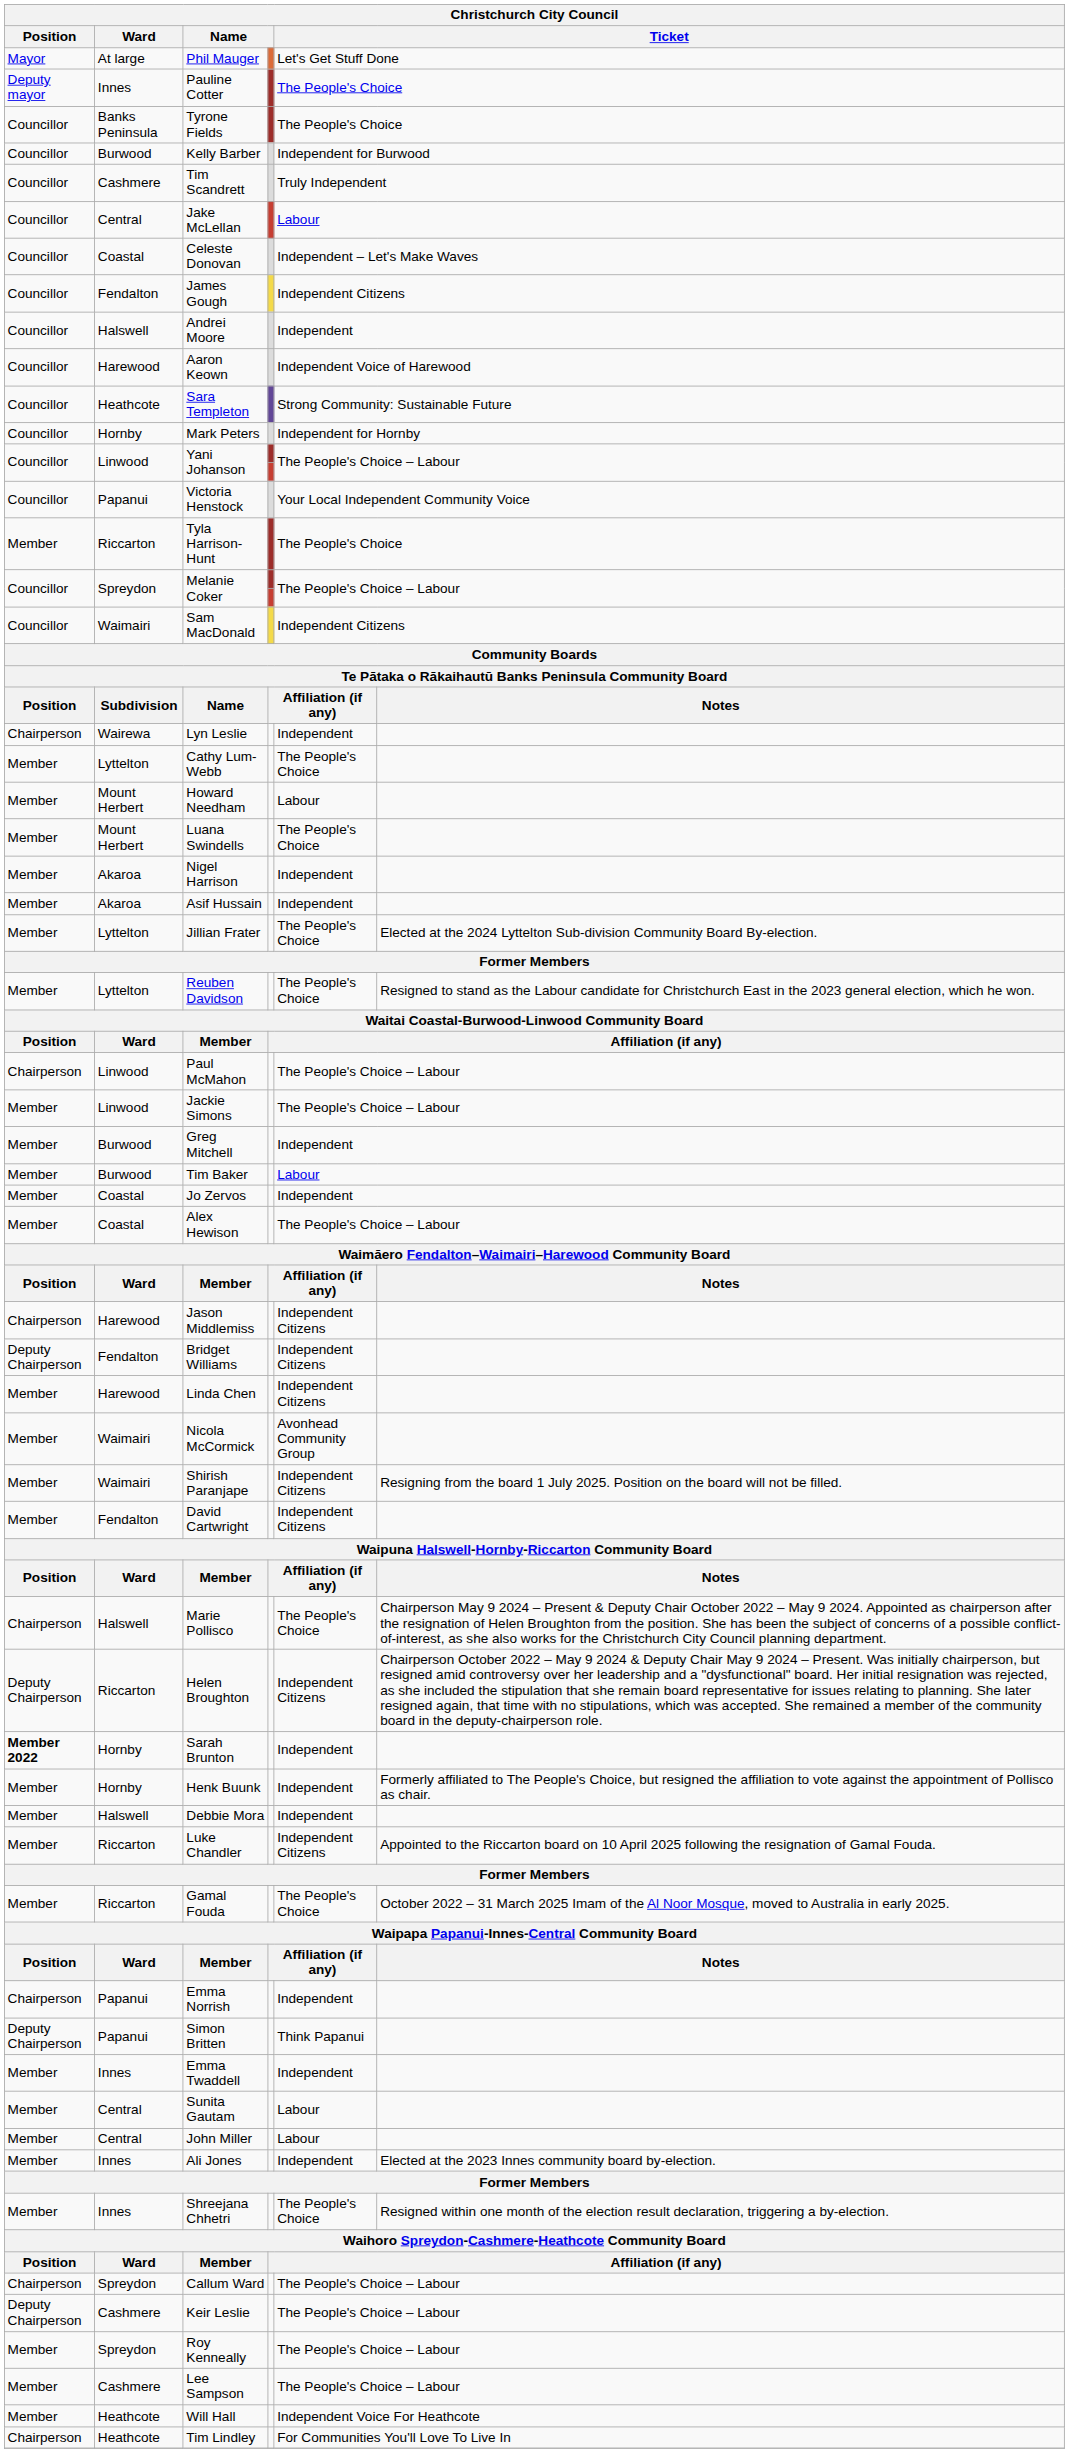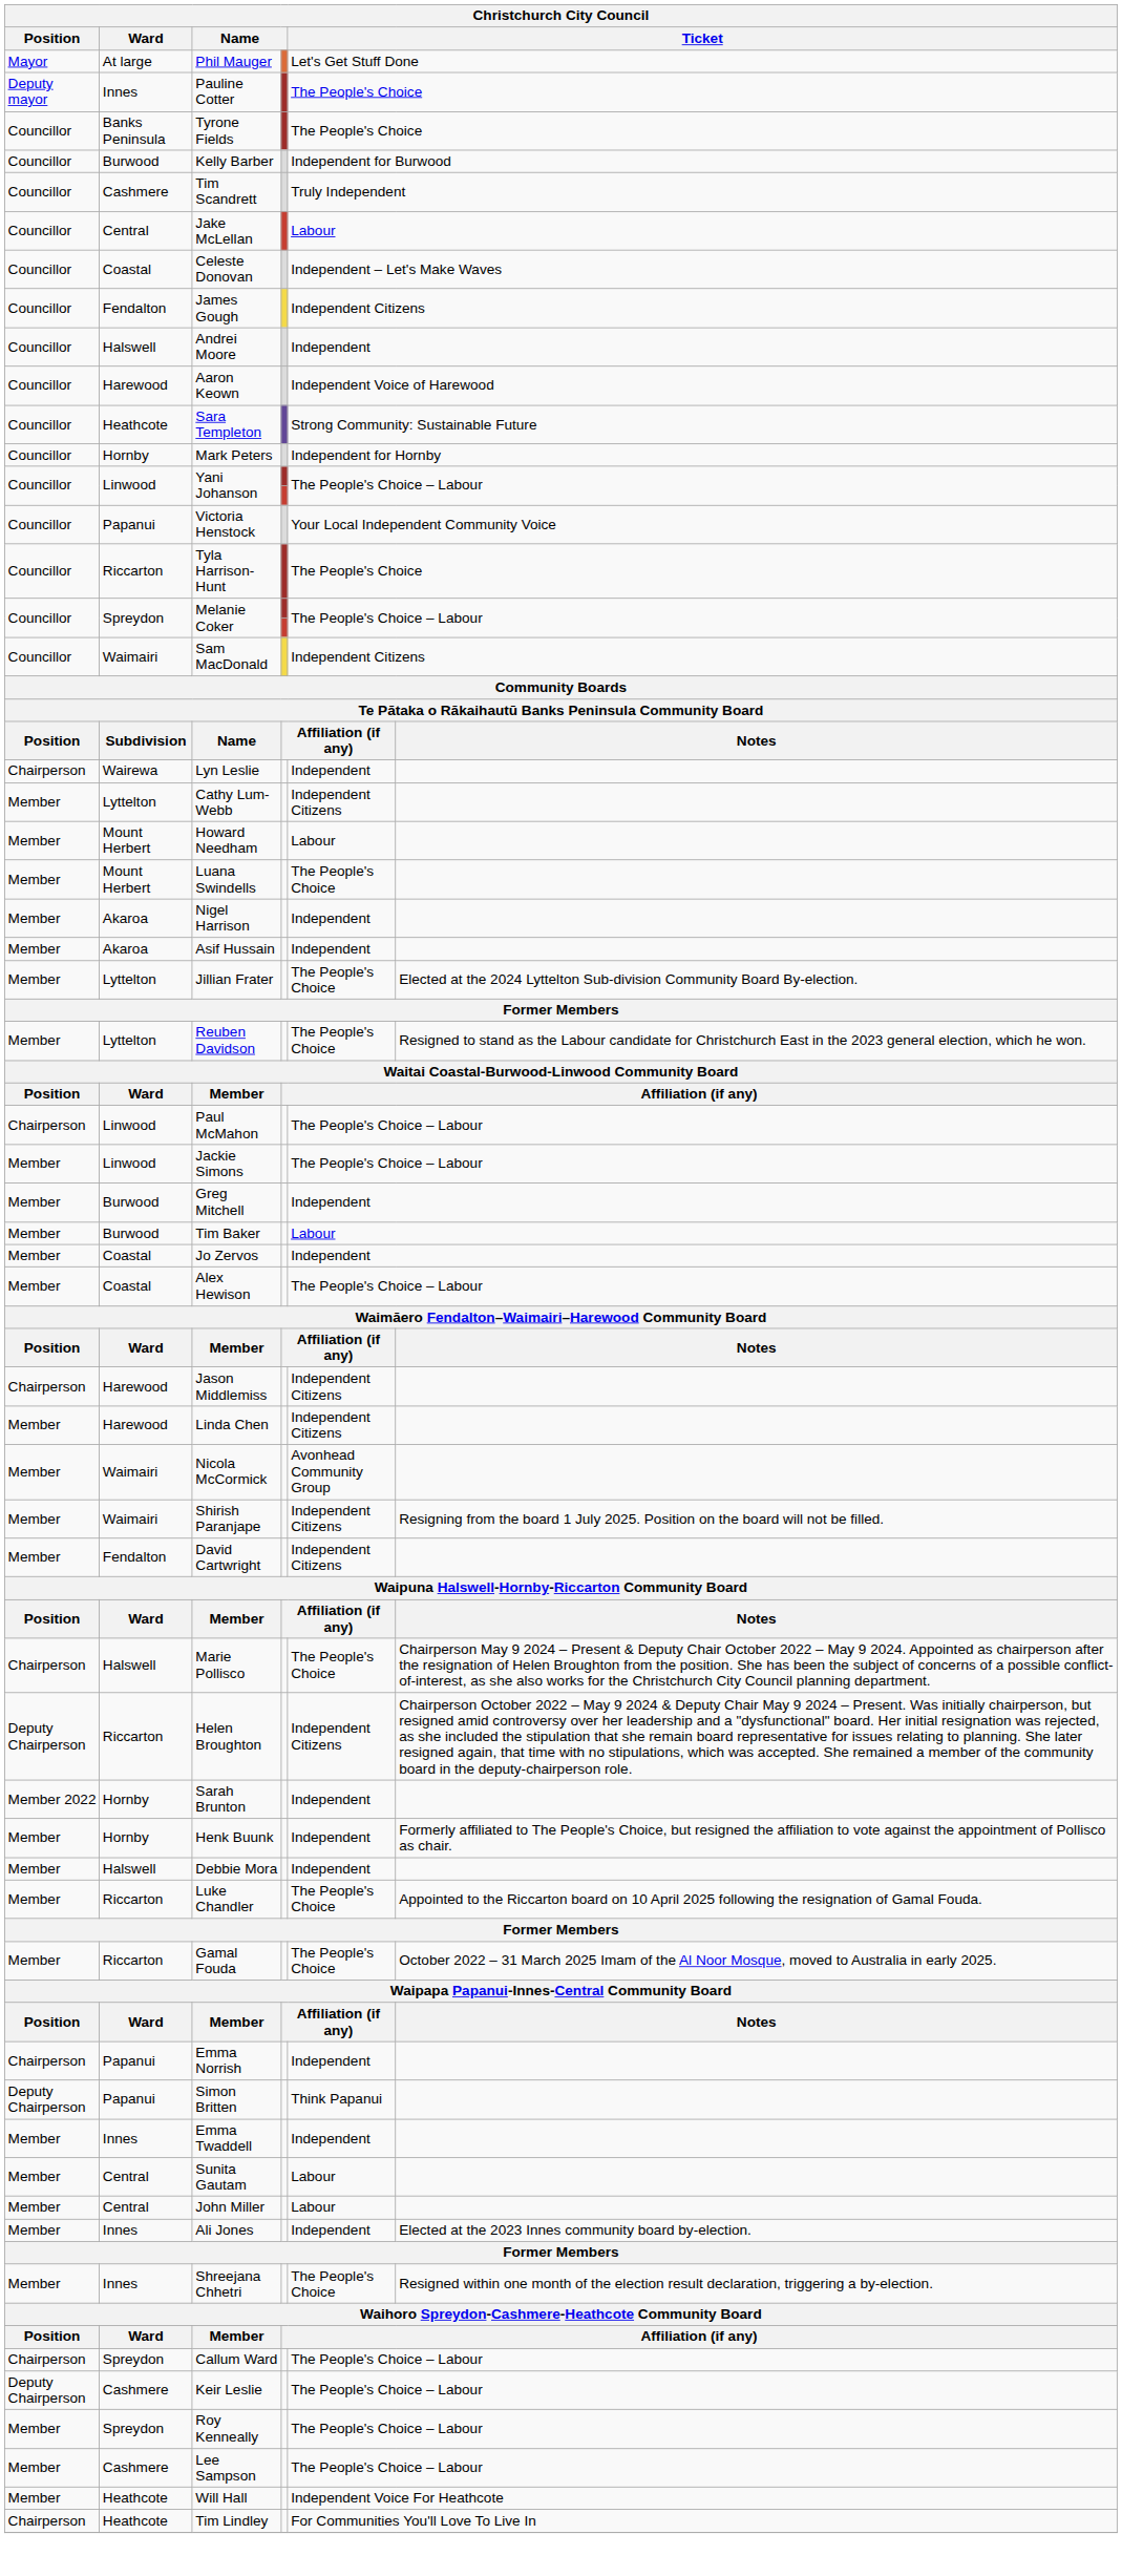 <table class="wikitable" border="1">
 <tr>
 <th colspan=6>Christchurch City Council</th>
 </tr>
 <tr>
 <th>Position</th>
 <th>Ward</th>
 <th colspan="2">Name</th>
 <th colspan=2><a href='#'>Ticket</a></th>
 </tr>
 <tr>
 <td><a href='#'>Mayor</a></td>
 <td>At large</td>
 <td class="nowrap"><a href='#'>Phil Mauger</a></td>
 <td bgcolor="#db6b39"></td>
 <td colspan="2">Let's Get Stuff Done</td>
 </tr>
 <tr>
 <td><a href='#'>Deputy mayor</a></td>
 <td>Innes</td>
 <td class="nowrap">Pauline Cotter</td>
 <td bgcolor="#9d2d2a"></td>
 <td colspan="2"><a href='#'>The People's Choice</a></td>
 </tr>
 <tr>
 <td>Councillor</td>
 <td>Banks Peninsula</td>
 <td class="nowrap">Tyrone Fields</td>
 <td bgcolor="#9d2d2a"></td>
 <td colspan="2">The People's Choice</td>
 </tr>
 <tr>
 <td>Councillor</td>
 <td>Burwood</td>
 <td class="nowrap">Kelly Barber</td>
 <td bgcolor="#dcdcdc"></td>
 <td colspan="2">Independent for Burwood</td>
 </tr>
 <tr>
 <td>Councillor</td>
 <td>Cashmere</td>
 <td class="nowrap">Tim Scandrett</td>
 <td bgcolor="#dcdcdc"></td>
 <td colspan="2">Truly Independent</td>
 </tr>
 <tr>
 <td>Councillor</td>
 <td>Central</td>
 <td class="nowrap">Jake McLellan</td>
 <td bgcolor="#c63e32"></td>
 <td colspan="2"><a href='#'>Labour</a></td>
 </tr>
 <tr>
 <td>Councillor</td>
 <td>Coastal</td>
 <td class="nowrap">Celeste Donovan</td>
 <td bgcolor="#dcdcdc"></td>
 <td colspan="2">Independent – Let's Make Waves</td>
 </tr>
 <tr>
 <td>Councillor</td>
 <td>Fendalton</td>
 <td class="nowrap">James Gough</td>
 <td bgcolor="#f4da49"></td>
 <td colspan="2">Independent Citizens</td>
 </tr>
 <tr>
 <td>Councillor</td>
 <td>Halswell</td>
 <td class="nowrap">Andrei Moore</td>
 <td bgcolor="#dcdcdc"></td>
 <td colspan="2">Independent</td>
 </tr>
 <tr>
 <td>Councillor</td>
 <td>Harewood</td>
 <td class="nowrap">Aaron Keown</td>
 <td bgcolor="#dcdcdc"></td>
 <td colspan="2">Independent Voice of Harewood</td>
 </tr>
 <tr>
 <td>Councillor</td>
 <td>Heathcote</td>
 <td class="nowrap"><a href='#'>Sara Templeton</a></td>
 <td bgcolor="#624797"></td>
 <td colspan="2">Strong Community: Sustainable Future</td>
 </tr>
 <tr>
 <td>Councillor</td>
 <td>Hornby</td>
 <td class="nowrap">Mark Peters</td>
 <td bgcolor="#dcdcdc"></td>
 <td colspan="2">Independent for Hornby</td>
 </tr>
 <tr>
 <td rowspan="2">Councillor</td>
 <td rowspan="2">Linwood</td>
 <td class="nowrap" rowspan="2">Yani Johanson</td>
 <td bgcolor="#9d2d2a"></td>
 <td colspan="2" rowspan="2">The People's Choice – Labour</td>
 </tr>
 <tr>
 <td bgcolor="#c63e32"></td>
 </tr>
 <tr>
 <td>Councillor</td>
 <td>Papanui</td>
 <td class="nowrap">Victoria Henstock</td>
 <td bgcolor="#dcdcdc"></td>
 <td colspan="2">Your Local Independent Community Voice</td>
 </tr>
 <tr>
-<td>Member</td>
+<td>Councillor</td>
 <td>Riccarton</td>
 <td class="nowrap">Tyla Harrison-Hunt</td>
 <td bgcolor="#9d2d2a"></td>
 <td colspan="2">The People's Choice</td>
 </tr>
 <tr>
 <td rowspan="2">Councillor</td>
 <td rowspan="2">Spreydon</td>
 <td class="nowrap" rowspan="2">Melanie Coker</td>
 <td bgcolor="#9d2d2a"></td>
 <td colspan="2" rowspan="2">The People's Choice – Labour</td>
 </tr>
 <tr>
 <td bgcolor="#c63e32"></td>
 </tr>
 <tr>
 <td>Councillor</td>
 <td>Waimairi</td>
 <td class="nowrap">Sam MacDonald</td>
 <td bgcolor="#f4da49"></td>
 <td colspan="2">Independent Citizens</td>
 </tr>
 <tr>
 <th colspan=6>Community Boards</th>
 </tr>
 <tr>
 <th colspan=6>Te Pātaka o Rākaihautū Banks Peninsula Community Board</th>
 </tr>
 <tr>
 <th>Position</th>
 <th>Subdivision</th>
 <th>Name</th>
 <th colspan="2">Affiliation (if any)</th>
 <th>Notes</th>
 </tr>
 <tr>
 <td>Chairperson</td>
 <td>Wairewa</td>
 <td class="nowrap">Lyn Leslie</td>
 <td></td>
 <td>Independent</td>
 <td></td>
 </tr>
 <tr>
 <td>Member</td>
 <td>Lyttelton</td>
 <td class="nowrap">Cathy Lum-Webb</td>
 <td></td>
-<td>The People's Choice</td>
+<td>Independent Citizens</td>
 <td></td>
 </tr>
 <tr>
 <td>Member</td>
 <td>Mount Herbert</td>
 <td class="nowrap">Howard Needham</td>
 <td></td>
 <td>Labour</td>
 <td></td>
 </tr>
 <tr>
 <td>Member</td>
 <td>Mount Herbert</td>
 <td class="nowrap">Luana Swindells</td>
 <td></td>
 <td>The People's Choice</td>
 <td></td>
 </tr>
 <tr>
 <td>Member</td>
 <td>Akaroa</td>
 <td class="nowrap">Nigel Harrison</td>
 <td></td>
 <td>Independent</td>
 <td></td>
 </tr>
 <tr>
 <td>Member</td>
 <td>Akaroa</td>
 <td class="nowrap">Asif Hussain</td>
 <td></td>
 <td>Independent</td>
 <td></td>
 </tr>
 <tr>
 <td>Member</td>
 <td>Lyttelton</td>
 <td class="nowrap">Jillian Frater</td>
 <td></td>
 <td>The People's Choice</td>
 <td>Elected at the 2024 Lyttelton Sub-division Community Board By-election.</td>
 </tr>
 <tr>
 <th colspan=6>Former Members</th>
 </tr>
 <tr>
 <td>Member</td>
 <td>Lyttelton</td>
 <td class="nowrap"><a href='#'>Reuben Davidson</a></td>
 <td></td>
 <td>The People's Choice</td>
 <td>Resigned to stand as the Labour candidate for Christchurch East in the 2023 general election, which he won.</td>
 </tr>
 <tr>
 <th colspan=6>Waitai Coastal-Burwood-Linwood Community Board</th>
 </tr>
 <tr>
 <th>Position</th>
 <th>Ward</th>
 <th>Member</th>
 <th colspan="3">Affiliation (if any)</th>
 </tr>
 <tr>
 <td>Chairperson</td>
 <td>Linwood</td>
 <td class="nowrap">Paul McMahon</td>
 <td></td>
 <td colspan="2">The People's Choice – Labour</td>
 </tr>
 <tr>
 <td>Member</td>
 <td>Linwood</td>
 <td class="nowrap">Jackie Simons</td>
 <td></td>
 <td colspan="2">The People's Choice – Labour</td>
 </tr>
 <tr>
 <td>Member</td>
 <td>Burwood</td>
 <td class="nowrap">Greg Mitchell</td>
 <td></td>
 <td colspan="2">Independent</td>
 </tr>
 <tr>
 <td>Member</td>
 <td>Burwood</td>
 <td class="nowrap">Tim Baker</td>
 <td></td>
 <td colspan="2"><a href='#'>Labour</a></td>
 </tr>
 <tr>
 <td>Member</td>
 <td>Coastal</td>
 <td class="nowrap">Jo Zervos</td>
 <td></td>
 <td colspan="2">Independent</td>
 </tr>
 <tr>
 <td>Member</td>
 <td>Coastal</td>
 <td class="nowrap">Alex Hewison</td>
 <td></td>
 <td colspan="2">The People's Choice – Labour</td>
 </tr>
 <tr>
 <th colspan=6>Waimāero <a href='#'>Fendalton</a>–<a href='#'>Waimairi</a>–<a href='#'>Harewood</a> Community Board</th>
 </tr>
 <tr>
 <th>Position</th>
 <th>Ward</th>
 <th>Member</th>
 <th colspan="2">Affiliation (if any)</th>
 <th>Notes</th>
 </tr>
 <tr>
 <td>Chairperson</td>
 <td>Harewood</td>
 <td class="nowrap">Jason Middlemiss</td>
 <td></td>
 <td>Independent Citizens</td>
 <td></td>
 </tr>
 <tr>
-<td>Deputy Chairperson</td>
-<td>Fendalton</td>
-<td class="nowrap">Bridget Williams</td>
-<td></td>
-<td>Independent Citizens</td>
-<td></td>
-</tr>
-<tr>
 <td>Member</td>
 <td>Harewood</td>
 <td class="nowrap">Linda Chen</td>
 <td></td>
 <td>Independent Citizens</td>
 <td></td>
 </tr>
 <tr>
 <td>Member</td>
 <td>Waimairi</td>
 <td class="nowrap">Nicola McCormick</td>
 <td></td>
 <td>Avonhead Community Group</td>
 <td></td>
 </tr>
 <tr>
 <td>Member</td>
 <td>Waimairi</td>
 <td class="nowrap">Shirish Paranjape</td>
 <td></td>
 <td>Independent Citizens</td>
 <td>Resigning from the board 1 July 2025. Position on the board will not be filled.</td>
 </tr>
 <tr>
 <td>Member</td>
 <td>Fendalton</td>
 <td class="nowrap">David Cartwright</td>
 <td></td>
 <td>Independent Citizens</td>
 </tr>
 <tr>
 <th colspan=6>Waipuna <a href='#'>Halswell</a>-<a href='#'>Hornby</a>-<a href='#'>Riccarton</a> Community Board</th>
 </tr>
 <tr>
 <th>Position</th>
 <th>Ward</th>
 <th>Member</th>
 <th colspan="2">Affiliation (if any)</th>
 <th>Notes</th>
 </tr>
 <tr>
 <td>Chairperson</td>
 <td>Halswell</td>
 <td class="nowrap">Marie Pollisco</td>
 <td></td>
 <td>The People's Choice</td>
 <td>Chairperson May 9 2024 – Present & Deputy Chair October 2022 – May 9 2024. Appointed as chairperson after the resignation of Helen Broughton from the position. She has been the subject of concerns of a possible conflict-of-interest, as she also works for the Christchurch City Council planning department.</td>
 </tr>
 <tr>
 <td>Deputy Chairperson</td>
 <td>Riccarton</td>
 <td class="nowrap">Helen Broughton</td>
 <td></td>
 <td>Independent Citizens</td>
 <td>Chairperson October 2022 – May 9 2024 & Deputy Chair May 9 2024 – Present. Was initially chairperson, but resigned amid controversy over her leadership and a "dysfunctional" board. Her initial resignation was rejected, as she included the stipulation that she remain board representative for issues relating to planning. She later resigned again, that time with no stipulations, which was accepted. She remained a member of the community board in the deputy-chairperson role.</td>
 </tr>
 <tr>
-<td><strong>Member 2022</strong></td>
+<td>Member 2022</td>
 <td>Hornby</td>
 <td class="nowrap">Sarah Brunton</td>
 <td></td>
 <td>Independent</td>
 <td></td>
 </tr>
 <tr>
 <td>Member</td>
 <td>Hornby</td>
 <td class="nowrap">Henk Buunk</td>
 <td></td>
 <td>Independent</td>
 <td>Formerly affiliated to The People's Choice, but resigned the affiliation to vote against the appointment of Pollisco as chair.</td>
 </tr>
 <tr>
 <td>Member</td>
 <td>Halswell</td>
 <td class="nowrap">Debbie Mora</td>
 <td></td>
 <td>Independent</td>
 <td></td>
 </tr>
 <tr>
 <td>Member</td>
 <td>Riccarton</td>
 <td class="nowrap">Luke Chandler</td>
 <td></td>
-<td>Independent Citizens</td>
+<td>The People's Choice</td>
 <td>Appointed to the Riccarton board on 10 April 2025 following the resignation of Gamal Fouda.</td>
 </tr>
 <tr>
 <th colspan=6>Former Members</th>
 </tr>
 <tr>
 <td>Member</td>
 <td>Riccarton</td>
 <td class="nowrap">Gamal Fouda</td>
 <td></td>
 <td>The People's Choice</td>
 <td>October 2022 – 31 March 2025 Imam of the <a href='#'>Al Noor Mosque</a>, moved to Australia in early 2025.</td>
 </tr>
 <tr>
 <th colspan=6>Waipapa <a href='#'>Papanui</a>-Innes-<a href='#'>Central</a> Community Board</th>
 </tr>
 <tr>
 <th>Position</th>
 <th>Ward</th>
 <th>Member</th>
 <th colspan="2">Affiliation (if any)</th>
 <th>Notes</th>
 </tr>
 <tr>
 <td>Chairperson</td>
 <td>Papanui</td>
 <td class="nowrap">Emma Norrish</td>
 <td></td>
 <td>Independent</td>
 <td></td>
 </tr>
 <tr>
 <td>Deputy Chairperson</td>
 <td>Papanui</td>
 <td class="nowrap">Simon Britten</td>
 <td></td>
 <td>Think Papanui</td>
 <td></td>
 </tr>
 <tr>
 <td>Member</td>
 <td>Innes</td>
 <td class="nowrap">Emma Twaddell</td>
 <td></td>
 <td>Independent</td>
 <td></td>
 </tr>
 <tr>
 <td>Member</td>
 <td>Central</td>
 <td class="nowrap">Sunita Gautam</td>
 <td></td>
 <td>Labour</td>
 <td></td>
 </tr>
 <tr>
 <td>Member</td>
 <td>Central</td>
 <td class="nowrap">John Miller</td>
 <td></td>
 <td>Labour</td>
 <td></td>
 </tr>
 <tr>
 <td>Member</td>
 <td>Innes</td>
 <td class="nowrap">Ali Jones</td>
 <td></td>
 <td>Independent</td>
 <td>Elected at the 2023 Innes community board by-election.</td>
 </tr>
 <tr>
 <th colspan=6>Former Members</th>
 </tr>
 <tr>
 <td>Member</td>
 <td>Innes</td>
 <td class="nowrap">Shreejana Chhetri</td>
 <td></td>
 <td>The People's Choice</td>
 <td>Resigned within one month of the election result declaration, triggering a by-election.</td>
 </tr>
 <tr>
 <th colspan=6>Waihoro <a href='#'>Spreydon</a>-<a href='#'>Cashmere</a>-<a href='#'>Heathcote</a> Community Board</th>
 </tr>
 <tr>
 <th>Position</th>
 <th>Ward</th>
 <th>Member</th>
 <th colspan="3">Affiliation (if any)</th>
 </tr>
 <tr>
 <td>Chairperson</td>
 <td>Spreydon</td>
 <td class="nowrap">Callum Ward</td>
 <td></td>
 <td colspan="2">The People's Choice – Labour</td>
 </tr>
 <tr>
 <td>Deputy Chairperson</td>
 <td>Cashmere</td>
 <td class="nowrap">Keir Leslie</td>
 <td></td>
 <td colspan="2">The People's Choice – Labour</td>
 </tr>
 <tr>
 <td>Member</td>
 <td>Spreydon</td>
 <td class="nowrap">Roy Kenneally</td>
 <td></td>
 <td colspan="2">The People's Choice – Labour</td>
 </tr>
 <tr>
 <td>Member</td>
 <td>Cashmere</td>
 <td class="nowrap">Lee Sampson</td>
 <td></td>
 <td colspan="2">The People's Choice – Labour</td>
 </tr>
 <tr>
 <td>Member</td>
 <td>Heathcote</td>
 <td class="nowrap">Will Hall</td>
 <td></td>
 <td colspan="2">Independent Voice For Heathcote</td>
 </tr>
 <tr>
 <td>Chairperson</td>
 <td>Heathcote</td>
 <td class="nowrap">Tim Lindley</td>
 <td></td>
 <td colspan="2">For Communities You'll Love To Live In</td>
 </tr>
 <tr>
 </tr>
 </table>
